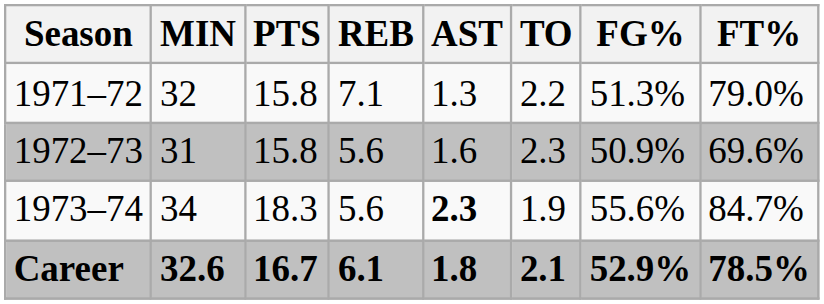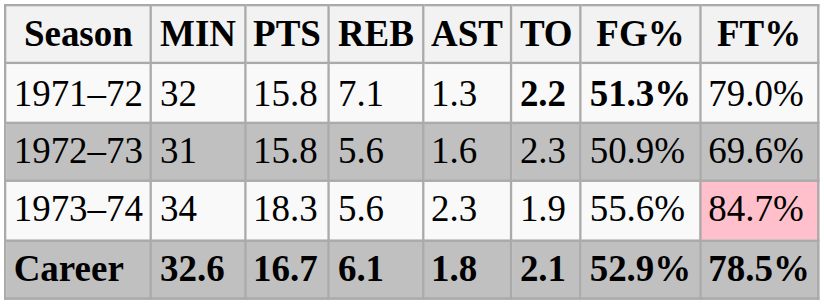 <table class="wikitable">
 <tr>
 <th>Season</th>
 <th>MIN</th>
 <th>PTS</th>
 <th>REB</th>
 <th>AST</th>
 <th>TO</th>
 <th>FG%</th>
 <th>FT%</th>
 </tr>
 <tr>
 <td>1971–72</td>
 <td>32</td>
 <td>15.8</td>
 <td>7.1</td>
 <td>1.3</td>
-<td>2.2</td>
-<td>51.3%</td>
+<td><strong>2.2</strong></td>
+<td><strong>51.3%</strong></td>
 <td>79.0%</td>
 </tr>
 <tr bgcolor=silver>
 <td>1972–73</td>
 <td>31</td>
 <td>15.8</td>
 <td>5.6</td>
 <td>1.6</td>
 <td>2.3</td>
 <td>50.9%</td>
 <td>69.6%</td>
 </tr>
 <tr>
 <td>1973–74</td>
 <td>34</td>
 <td>18.3</td>
 <td>5.6</td>
-<td><strong>2.3</strong></td>
+<td>2.3</td>
 <td>1.9</td>
 <td>55.6%</td>
-<td>84.7%</td>
+<td style="background: pink;">84.7%</td>
 </tr>
 <tr bgcolor=silver>
 <td><strong>Career</strong></td>
 <td><strong>32.6</strong></td>
 <td><strong>16.7</strong></td>
 <td><strong>6.1</strong></td>
 <td><strong>1.8</strong></td>
 <td><strong>2.1</strong></td>
 <td><strong>52.9%</strong></td>
 <td><strong>78.5%</strong></td>
 </tr>
 <tr>
 </tr>
 </table>
